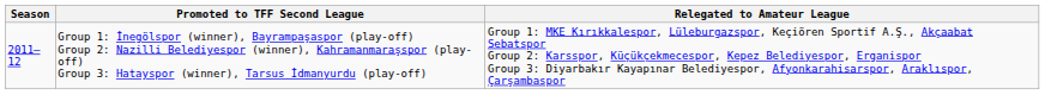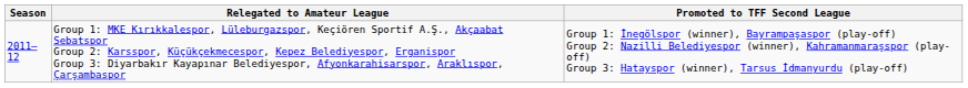 <table class="wikitable">
 <tr>
 <th>Season</th>
+<th>Relegated to Amateur League</th>
 <th>Promoted to TFF Second League</th>
-<th>Relegated to Amateur League</th>
 </tr>
 <tr>
 <td><a href='#'>2011–12</a></td>
+<td>Group 1: <a href='#'>MKE Kırıkkalespor</a>, <a href='#'>Lüleburgazspor</a>, Keçiören Sportif A.Ş., <a href='#'>Akçaabat Sebatspor</a><br>Group 2: <a href='#'>Karsspor</a>, <a href='#'>Küçükçekmecespor</a>, <a href='#'>Kepez Belediyespor</a>, <a href='#'>Erganispor</a><br>Group 3: Diyarbakır Kayapınar Belediyespor, <a href='#'>Afyonkarahisarspor</a>, <a href='#'>Araklıspor</a>, <a href='#'>Çarşambaspor</a></td>
 <td>Group 1: <a href='#'>İnegölspor</a> (winner), <a href='#'>Bayrampaşaspor</a> (play-off) <br>Group 2: <a href='#'>Nazilli Belediyespor</a> (winner), <a href='#'>Kahramanmaraşspor</a> (play-off)<br>Group 3: <a href='#'>Hatayspor</a> (winner), <a href='#'>Tarsus İdmanyurdu</a> (play-off)</td>
-<td>Group 1: <a href='#'>MKE Kırıkkalespor</a>, <a href='#'>Lüleburgazspor</a>, Keçiören Sportif A.Ş., <a href='#'>Akçaabat Sebatspor</a><br>Group 2: <a href='#'>Karsspor</a>, <a href='#'>Küçükçekmecespor</a>, <a href='#'>Kepez Belediyespor</a>, <a href='#'>Erganispor</a><br>Group 3: Diyarbakır Kayapınar Belediyespor, <a href='#'>Afyonkarahisarspor</a>, <a href='#'>Araklıspor</a>, <a href='#'>Çarşambaspor</a></td>
 </tr>
 </table>
